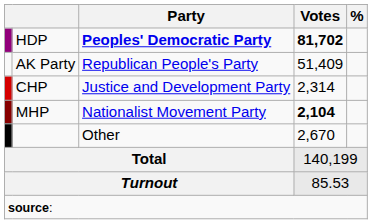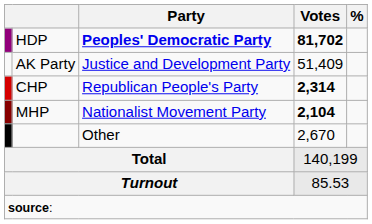 <table class="wikitable">
 <tr>
 <th colspan="2" align="center"></th>
 <th align="center">Party</th>
 <th align="center">Votes</th>
 <th align="center">%</th>
 </tr>
 <tr align="left">
 <td bgcolor="#91007B" width="1"></td>
 <td>HDP</td>
 <td><strong><a href='#'>Peoples' Democratic Party</a></strong></td>
 <td><strong>81,702</strong></td>
 <td><strong></strong></td>
 </tr>
 <tr align="left">
 <td></td>
 <td>AK Party</td>
-<td><a href='#'>Republican People's Party</a></td>
+<td><a href='#'>Justice and Development Party</a></td>
 <td>51,409</td>
 <td></td>
 </tr>
 <tr align="left">
 <td bgcolor="#d50000" width="1"></td>
 <td>CHP</td>
-<td><a href='#'>Justice and Development Party</a></td>
-<td>2,314</td>
+<td><a href='#'>Republican People's Party</a></td>
+<td><strong>2,314</strong></td>
 <td></td>
 </tr>
 <tr align="left">
 <td bgcolor="#870000" width="1"></td>
 <td>MHP</td>
 <td><a href='#'>Nationalist Movement Party</a></td>
 <td><strong>2,104</strong></td>
 <td></td>
 </tr>
 <tr align="left">
 <td bgcolor=" " width="1"></td>
 <td></td>
 <td>Other</td>
 <td>2,670</td>
 <td></td>
 </tr>
 <tr align="left" style="background-color:#E9E9E9">
 <th colspan="3" align="center"><strong>Total</strong></th>
 <td colspan="5" align="center">140,199</td>
 </tr>
 <tr align="left" style="background-color:#E9E9E9">
 <th colspan="3" align="center"><em>Turnout</em></th>
 <td colspan="5" align="center">85.53</td>
 </tr>
 <tr>
 <td colspan="9" align="left"><small><strong>source</strong>: </small></td>
 </tr>
 </table>
